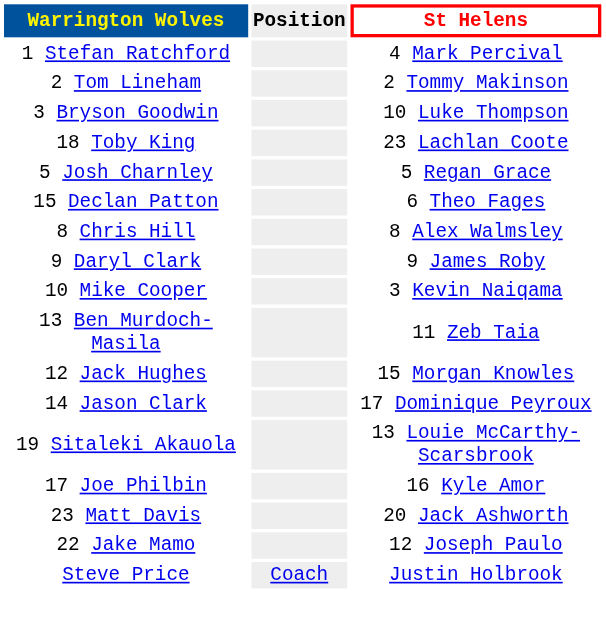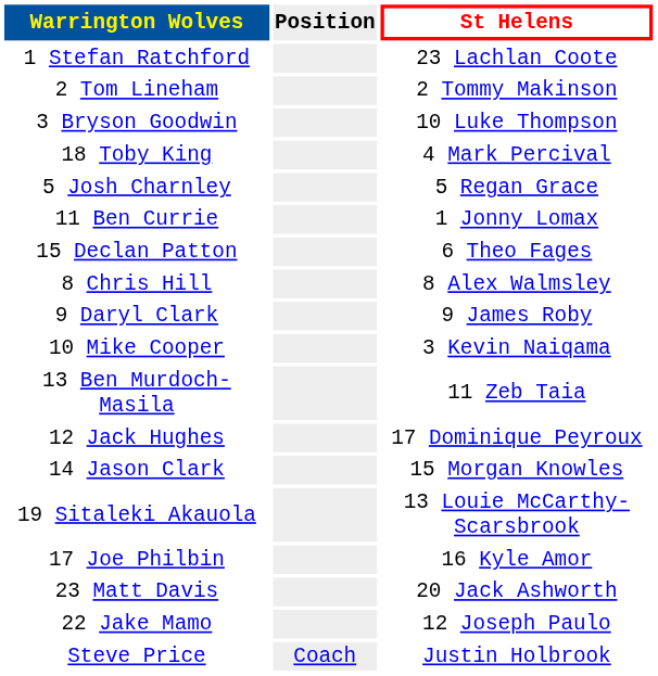 <table style="float:right; font-size:90%; text-align:center;">
 <tr>
 <th align="centre" width="146" style="background:#00529c; color:#fff300; border:2px #00529c;">Warrington Wolves</th>
 <th style="background:#eee; color:black;">Position</th>
 <th align="centre" width="146" style="background:white; color:red; border:2px solid red;">St Helens</th>
 </tr>
 <tr>
 <td>1 <a href='#'>Stefan Ratchford</a></td>
 <td style="background:#eee;"></td>
-<td>4 <a href='#'>Mark Percival</a></td>
+<td>23 <a href='#'>Lachlan Coote</a></td>
 </tr>
 <tr>
 <td>2 <a href='#'>Tom Lineham</a></td>
 <td style="background:#eee;"></td>
 <td>2 <a href='#'>Tommy Makinson</a></td>
 </tr>
 <tr>
 <td>3 <a href='#'>Bryson Goodwin</a></td>
 <td style="background:#eee;"></td>
 <td>10 <a href='#'>Luke Thompson</a></td>
 </tr>
 <tr>
 <td>18 <a href='#'>Toby King</a></td>
 <td style="background:#eee;"></td>
-<td>23 <a href='#'>Lachlan Coote</a></td>
+<td>4 <a href='#'>Mark Percival</a></td>
 </tr>
 <tr>
 <td>5 <a href='#'>Josh Charnley</a></td>
 <td style="background:#eee;"></td>
 <td>5 <a href='#'>Regan Grace</a></td>
+</tr>
+<tr>
+<td>11 <a href='#'>Ben Currie</a></td>
+<td style="background:#eee;"></td>
+<td>1 <a href='#'>Jonny Lomax</a></td>
 </tr>
 <tr>
 <td>15 <a href='#'>Declan Patton</a></td>
 <td style="background:#eee;"></td>
 <td>6 <a href='#'>Theo Fages</a></td>
 </tr>
 <tr>
 <td>8 <a href='#'>Chris Hill</a></td>
 <td style="background:#eee;"></td>
 <td>8 <a href='#'>Alex Walmsley</a></td>
 </tr>
 <tr>
 <td>9 <a href='#'>Daryl Clark</a></td>
 <td style="background:#eee;"></td>
 <td>9 <a href='#'>James Roby</a></td>
 </tr>
 <tr>
 <td>10 <a href='#'>Mike Cooper</a></td>
 <td style="background:#eee;"></td>
 <td>3 <a href='#'>Kevin Naiqama</a></td>
 </tr>
 <tr>
 <td>13 <a href='#'>Ben Murdoch-Masila</a></td>
 <td style="background:#eee;"></td>
 <td>11 <a href='#'>Zeb Taia</a></td>
 </tr>
 <tr>
 <td>12 <a href='#'>Jack Hughes</a></td>
 <td style="background:#eee;"></td>
-<td>15 <a href='#'>Morgan Knowles</a></td>
+<td>17 <a href='#'>Dominique Peyroux</a></td>
 </tr>
 <tr>
 <td>14 <a href='#'>Jason Clark</a></td>
 <td style="background:#eee;"></td>
-<td>17 <a href='#'>Dominique Peyroux</a></td>
+<td>15 <a href='#'>Morgan Knowles</a></td>
 </tr>
 <tr>
 <td>19 <a href='#'>Sitaleki Akauola</a></td>
 <td style="background:#eee;"></td>
 <td>13 <a href='#'>Louie McCarthy-Scarsbrook</a></td>
 </tr>
 <tr>
 <td>17 <a href='#'>Joe Philbin</a></td>
 <td style="background:#eee;"></td>
 <td>16 <a href='#'>Kyle Amor</a></td>
 </tr>
 <tr>
 <td>23 <a href='#'>Matt Davis</a></td>
 <td style="background:#eee;"></td>
 <td>20 <a href='#'>Jack Ashworth</a></td>
 </tr>
 <tr>
 <td>22 <a href='#'>Jake Mamo</a></td>
 <td style="background:#eee;"></td>
 <td>12 <a href='#'>Joseph Paulo</a></td>
 </tr>
 <tr>
 <td><a href='#'>Steve Price</a></td>
 <td style="background:#eee;"><a href='#'>Coach</a></td>
 <td><a href='#'>Justin Holbrook</a></td>
 </tr>
 </table>
